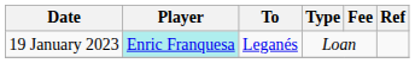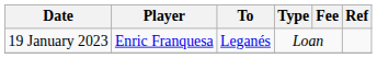 <table class="wikitable">
 <tr>
 <th>Date</th>
 <th>Player</th>
 <th>To</th>
 <th>Type</th>
 <th>Fee</th>
 <th>Ref</th>
 </tr>
 <tr>
 <td>19 January 2023</td>
-<td style="background: paleturquoise;"> <a href='#'>Enric Franquesa</a></td>
+<td> <a href='#'>Enric Franquesa</a></td>
 <td><a href='#'>Leganés</a></td>
 <td colspan=2 align=center><em>Loan</em></td>
 <td align=center></td>
 </tr>
 <tr>
 </tr>
 </table>
